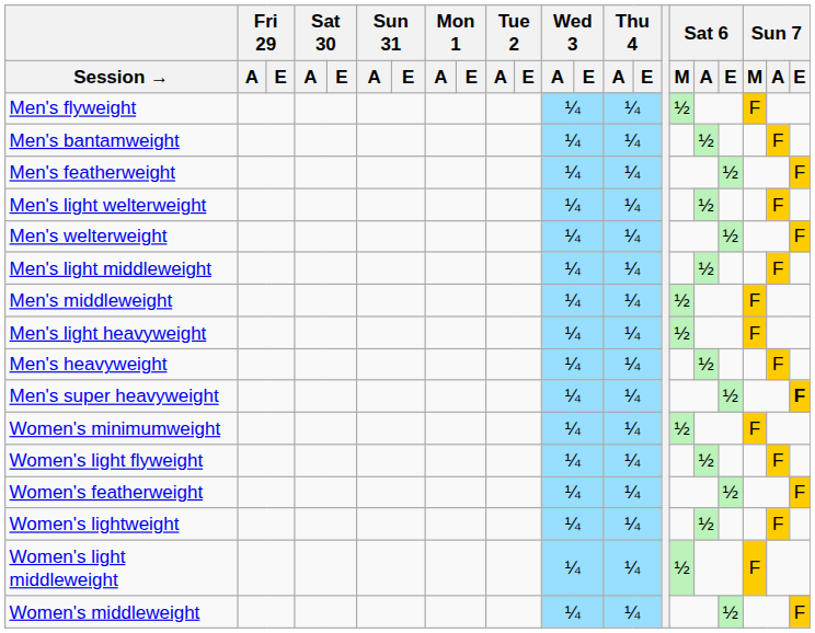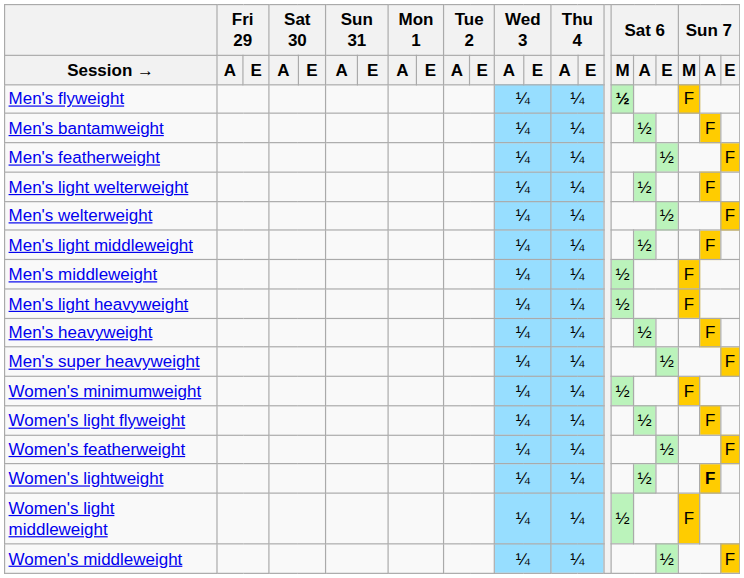 <table class="wikitable" style="margin:0.5em auto; font-size:90%; line-height:1.25em; text-align:center;">
 <tr>
 <th></th>
 <th colspan=2>Fri 29</th>
 <th colspan=2>Sat 30</th>
 <th colspan=2>Sun 31</th>
 <th colspan=2>Mon 1</th>
 <th colspan=2>Tue 2</th>
 <th colspan=2>Wed 3</th>
 <th colspan=2>Thu 4</th>
 <th rowspan=18></th>
 <th colspan=3>Sat 6</th>
 <th colspan=3>Sun 7</th>
 </tr>
 <tr>
 <th>Session →</th>
 <th>A</th>
 <th>E</th>
 <th>A</th>
 <th>E</th>
 <th>A</th>
 <th>E</th>
 <th>A</th>
 <th>E</th>
 <th>A</th>
 <th>E</th>
 <th>A</th>
 <th>E</th>
 <th>A</th>
 <th>E</th>
 <th>M</th>
 <th>A</th>
 <th>E</th>
 <th>M</th>
 <th>A</th>
 <th>E</th>
 </tr>
 <tr>
 <td style="text-align:left;"><a href='#'>Men's flyweight</a></td>
 <td colspan=2></td>
 <td colspan=2></td>
 <td colspan=2></td>
 <td colspan=2></td>
 <td colspan=2></td>
 <td colspan="2" style="background-color:#97DEFF">¼</td>
 <td colspan="2" style="background-color:#97DEFF">¼</td>
-<td style="background-color:#BBF3BB;">½</td>
+<td style="background-color:#BBF3BB;"><strong>½</strong></td>
 <td colspan=2></td>
 <td style="background-color:#FFCC00;">F</td>
 <td colspan=2></td>
 </tr>
 <tr>
 <td style="text-align:left;"><a href='#'>Men's bantamweight</a></td>
 <td colspan=2></td>
 <td colspan=2></td>
 <td colspan=2></td>
 <td colspan=2></td>
 <td colspan=2></td>
 <td colspan="2" style="background-color:#97DEFF">¼</td>
 <td colspan="2" style="background-color:#97DEFF">¼</td>
 <td></td>
 <td style="background-color:#BBF3BB;">½</td>
 <td></td>
 <td></td>
 <td style="background-color:#FFCC00;">F</td>
 <td></td>
 </tr>
 <tr>
 <td style="text-align:left;"><a href='#'>Men's featherweight</a></td>
 <td colspan=2></td>
 <td colspan=2></td>
 <td colspan=2></td>
 <td colspan=2></td>
 <td colspan=2></td>
 <td colspan="2" style="background-color:#97DEFF">¼</td>
 <td colspan="2" style="background-color:#97DEFF">¼</td>
 <td colspan=2></td>
 <td style="background-color:#BBF3BB;">½</td>
 <td colspan=2></td>
 <td style="background-color:#FFCC00;">F</td>
 </tr>
 <tr>
 <td style="text-align:left;"><a href='#'>Men's light welterweight</a></td>
 <td colspan=2></td>
 <td colspan=2></td>
 <td colspan=2></td>
 <td colspan=2></td>
 <td colspan=2></td>
 <td colspan="2" style="background-color:#97DEFF">¼</td>
 <td colspan="2" style="background-color:#97DEFF">¼</td>
 <td></td>
 <td style="background-color:#BBF3BB;">½</td>
 <td></td>
 <td></td>
 <td style="background-color:#FFCC00;">F</td>
 <td></td>
 </tr>
 <tr>
 <td style="text-align:left;"><a href='#'>Men's welterweight</a></td>
 <td colspan=2></td>
 <td colspan=2></td>
 <td colspan=2></td>
 <td colspan=2></td>
 <td colspan=2></td>
 <td colspan="2" style="background-color:#97DEFF">¼</td>
 <td colspan="2" style="background-color:#97DEFF">¼</td>
 <td colspan=2></td>
 <td style="background-color:#BBF3BB;">½</td>
 <td colspan=2></td>
 <td style="background-color:#FFCC00;">F</td>
 </tr>
 <tr>
 <td style="text-align:left;"><a href='#'>Men's light middleweight</a></td>
 <td colspan=2></td>
 <td colspan=2></td>
 <td colspan=2></td>
 <td colspan=2></td>
 <td colspan=2></td>
 <td colspan="2" style="background-color:#97DEFF">¼</td>
 <td colspan="2" style="background-color:#97DEFF">¼</td>
 <td></td>
 <td style="background-color:#BBF3BB;">½</td>
 <td></td>
 <td></td>
 <td style="background-color:#FFCC00;">F</td>
 <td></td>
 </tr>
 <tr>
 <td style="text-align:left;"><a href='#'>Men's middleweight</a></td>
 <td colspan=2></td>
 <td colspan=2></td>
 <td colspan=2></td>
 <td colspan=2></td>
 <td colspan=2></td>
 <td colspan="2" style="background-color:#97DEFF">¼</td>
 <td colspan="2" style="background-color:#97DEFF">¼</td>
 <td style="background-color:#BBF3BB;">½</td>
 <td colspan=2></td>
 <td style="background-color:#FFCC00;">F</td>
 <td colspan=2></td>
 </tr>
 <tr>
 <td style="text-align:left;"><a href='#'>Men's light heavyweight</a></td>
 <td colspan=2></td>
 <td colspan=2></td>
 <td colspan=2></td>
 <td colspan=2></td>
 <td colspan=2></td>
 <td colspan="2" style="background-color:#97DEFF">¼</td>
 <td colspan="2" style="background-color:#97DEFF">¼</td>
 <td style="background-color:#BBF3BB;">½</td>
 <td colspan=2></td>
 <td style="background-color:#FFCC00;">F</td>
 <td colspan=2></td>
 </tr>
 <tr>
 <td style="text-align:left;"><a href='#'>Men's heavyweight</a></td>
 <td colspan=2></td>
 <td colspan=2></td>
 <td colspan=2></td>
 <td colspan=2></td>
 <td colspan=2></td>
 <td colspan="2" style="background-color:#97DEFF">¼</td>
 <td colspan="2" style="background-color:#97DEFF">¼</td>
 <td></td>
 <td style="background-color:#BBF3BB;">½</td>
 <td></td>
 <td></td>
 <td style="background-color:#FFCC00;">F</td>
 <td></td>
 </tr>
 <tr>
 <td style="text-align:left;"><a href='#'>Men's super heavyweight</a></td>
 <td colspan=2></td>
 <td colspan=2></td>
 <td colspan=2></td>
 <td colspan=2></td>
 <td colspan=2></td>
 <td colspan="2" style="background-color:#97DEFF">¼</td>
 <td colspan="2" style="background-color:#97DEFF">¼</td>
 <td colspan=2></td>
 <td style="background-color:#BBF3BB;">½</td>
 <td colspan=2></td>
-<td style="background-color:#FFCC00;"><strong>F</strong></td>
+<td style="background-color:#FFCC00;">F</td>
 </tr>
 <tr>
 <td style="text-align:left;"><a href='#'>Women's minimumweight</a></td>
 <td colspan=2></td>
 <td colspan=2></td>
 <td colspan=2></td>
 <td colspan=2></td>
 <td colspan=2></td>
 <td colspan="2" style="background-color:#97DEFF">¼</td>
 <td colspan="2" style="background-color:#97DEFF">¼</td>
 <td style="background-color:#BBF3BB;">½</td>
 <td colspan=2></td>
 <td style="background-color:#FFCC00;">F</td>
 <td colspan=2></td>
 </tr>
 <tr>
 <td style="text-align:left;"><a href='#'>Women's light flyweight</a></td>
 <td colspan=2></td>
 <td colspan=2></td>
 <td colspan=2></td>
 <td colspan=2></td>
 <td colspan=2></td>
 <td colspan="2" style="background-color:#97DEFF">¼</td>
 <td colspan="2" style="background-color:#97DEFF">¼</td>
 <td></td>
 <td style="background-color:#BBF3BB;">½</td>
 <td></td>
 <td></td>
 <td style="background-color:#FFCC00;">F</td>
 <td></td>
 </tr>
 <tr>
 <td style="text-align:left;"><a href='#'>Women's featherweight</a></td>
 <td colspan=2></td>
 <td colspan=2></td>
 <td colspan=2></td>
 <td colspan=2></td>
 <td colspan=2></td>
 <td colspan="2" style="background-color:#97DEFF">¼</td>
 <td colspan="2" style="background-color:#97DEFF">¼</td>
 <td colspan=2></td>
 <td style="background-color:#BBF3BB;">½</td>
 <td colspan=2></td>
 <td style="background-color:#FFCC00;">F</td>
 </tr>
 <tr>
 <td style="text-align:left;"><a href='#'>Women's lightweight</a></td>
 <td colspan=2></td>
 <td colspan=2></td>
 <td colspan=2></td>
 <td colspan=2></td>
 <td colspan=2></td>
 <td colspan="2" style="background-color:#97DEFF">¼</td>
 <td colspan="2" style="background-color:#97DEFF">¼</td>
 <td></td>
 <td style="background-color:#BBF3BB;">½</td>
 <td></td>
 <td></td>
-<td style="background-color:#FFCC00;">F</td>
+<td style="background-color:#FFCC00;"><strong>F</strong></td>
 <td></td>
 </tr>
 <tr>
 <td style="text-align:left;"><a href='#'>Women's light middleweight</a></td>
 <td colspan=2></td>
 <td colspan=2></td>
 <td colspan=2></td>
 <td colspan=2></td>
 <td colspan=2></td>
 <td colspan="2" style="background-color:#97DEFF">¼</td>
 <td colspan="2" style="background-color:#97DEFF">¼</td>
 <td style="background-color:#BBF3BB;">½</td>
 <td colspan=2></td>
 <td style="background-color:#FFCC00;">F</td>
 <td colspan=2></td>
 </tr>
 <tr>
 <td style="text-align:left;"><a href='#'>Women's middleweight</a></td>
 <td colspan=2></td>
 <td colspan=2></td>
 <td colspan=2></td>
 <td colspan=2></td>
 <td colspan=2></td>
 <td colspan="2" style="background-color:#97DEFF">¼</td>
 <td colspan="2" style="background-color:#97DEFF">¼</td>
 <td colspan=2></td>
 <td style="background-color:#BBF3BB;">½</td>
 <td colspan=2></td>
 <td style="background-color:#FFCC00;">F</td>
 </tr>
 </table>
